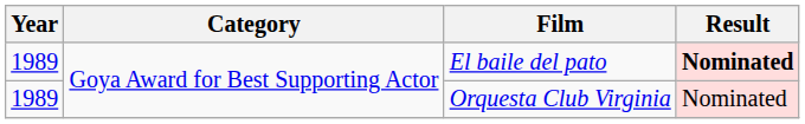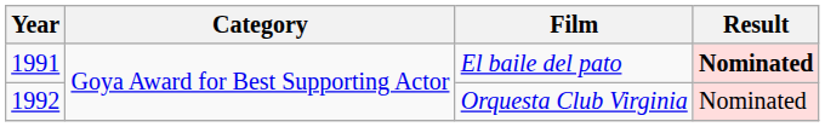 <table class="wikitable">
 <tr bgcolor="#CCCCCC">
 <th>Year</th>
 <th>Category</th>
 <th>Film</th>
 <th>Result</th>
 </tr>
 <tr>
-<td><a href='#'>1989</a></td>
+<td><a href='#'>1991</a></td>
 <td rowspan="2"><a href='#'>Goya Award for Best Supporting Actor</a></td>
 <td><em><a href='#'>El baile del pato</a></em></td>
 <td style="background: #ffdddd"><strong>Nominated</strong></td>
 </tr>
 <tr>
-<td><a href='#'>1989</a></td>
+<td><a href='#'>1992</a></td>
 <td><em><a href='#'>Orquesta Club Virginia</a></em></td>
 <td style="background: #ffdddd">Nominated</td>
 </tr>
 <tr>
 </tr>
 </table>
